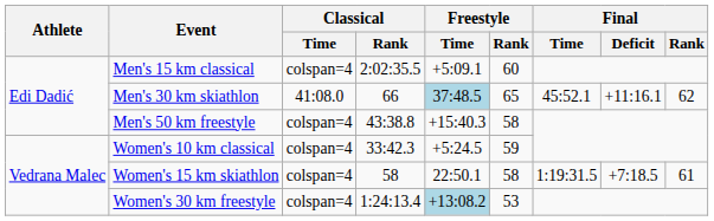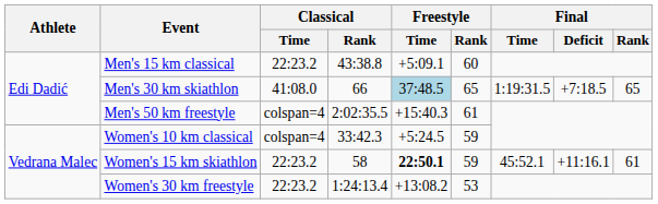 <table class="wikitable" style="font-size:90%">
 <tr>
 <th rowspan=2>Athlete</th>
 <th rowspan=2>Event</th>
 <th colspan=2>Classical</th>
 <th colspan=2>Freestyle</th>
 <th colspan=3>Final</th>
 </tr>
 <tr style="font-size: 95%">
 <th>Time</th>
 <th>Rank</th>
 <th>Time</th>
 <th>Rank</th>
 <th>Time</th>
 <th>Deficit</th>
 <th>Rank</th>
 </tr>
 <tr align=center>
 <td align=left rowspan=3><a href='#'>Edi Dadić</a></td>
 <td align=left><a href='#'>Men's 15 km classical</a></td>
-<td>colspan=4 </td>
-<td>2:02:35.5</td>
+<td>22:23.2</td>
+<td>43:38.8</td>
 <td>+5:09.1</td>
 <td>60</td>
 </tr>
 <tr align=center>
 <td align=left><a href='#'>Men's 30 km skiathlon</a></td>
 <td>41:08.0</td>
 <td>66</td>
 <td style="background: lightblue;">37:48.5</td>
 <td>65</td>
-<td>45:52.1</td>
-<td>+11:16.1</td>
-<td>62</td>
+<td>1:19:31.5</td>
+<td>+7:18.5</td>
+<td>65</td>
 </tr>
 <tr align=center>
 <td align=left><a href='#'>Men's 50 km freestyle</a></td>
 <td>colspan=4 </td>
-<td>43:38.8</td>
+<td>2:02:35.5</td>
 <td>+15:40.3</td>
-<td>58</td>
+<td>61</td>
 </tr>
 <tr align=center>
 <td align=left rowspan=3><a href='#'>Vedrana Malec</a></td>
 <td align=left><a href='#'>Women's 10 km classical</a></td>
 <td>colspan=4 </td>
 <td>33:42.3</td>
 <td>+5:24.5</td>
 <td>59</td>
 </tr>
 <tr align=center>
 <td align=left><a href='#'>Women's 15 km skiathlon</a></td>
-<td>colspan=4 </td>
+<td>22:23.2</td>
 <td>58</td>
-<td>22:50.1</td>
-<td>58</td>
-<td>1:19:31.5</td>
-<td>+7:18.5</td>
+<td><strong>22:50.1</strong></td>
+<td>59</td>
+<td>45:52.1</td>
+<td>+11:16.1</td>
 <td>61</td>
 </tr>
 <tr align=center>
 <td align=left><a href='#'>Women's 30 km freestyle</a></td>
-<td>colspan=4 </td>
+<td>22:23.2</td>
 <td>1:24:13.4</td>
-<td style="background: lightblue;">+13:08.2</td>
+<td>+13:08.2</td>
 <td>53</td>
 </tr>
 </table>
